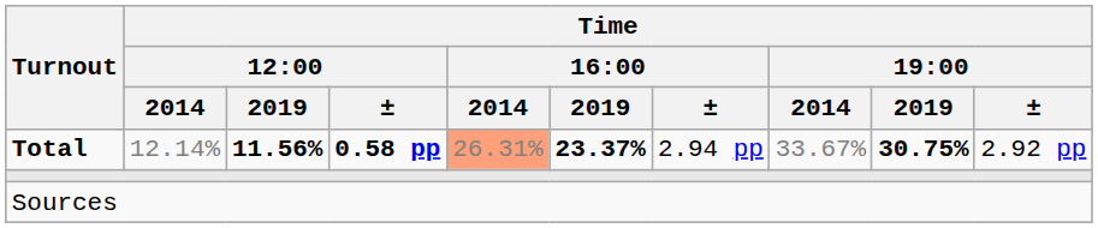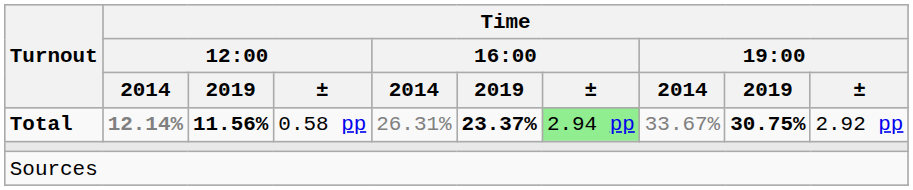 <table class="wikitable sortable" style="text-align:right;">
 <tr>
 <th rowspan="3">Turnout</th>
 <th colspan="9">Time</th>
 </tr>
 <tr>
 <th colspan="3">12:00</th>
 <th colspan="3">16:00</th>
 <th colspan="3">19:00</th>
 </tr>
 <tr>
 <th>2014</th>
 <th>2019</th>
 <th>±</th>
 <th>2014</th>
 <th>2019</th>
 <th>±</th>
 <th>2014</th>
 <th>2019</th>
 <th>±</th>
 </tr>
 <tr>
 <td align="left"><strong>Total</strong></td>
-<td style="color:gray;">12.14%</td>
+<td style="color:gray;"><strong>12.14%</strong></td>
 <td><strong>11.56%</strong></td>
-<td><strong> 0.58 <a href='#'>pp</a></strong></td>
-<td style="background: lightsalmon; color:gray;">26.31%</td>
+<td> 0.58 <a href='#'>pp</a></td>
+<td style="color:gray;">26.31%</td>
 <td><strong>23.37%</strong></td>
-<td> 2.94 <a href='#'>pp</a></td>
+<td style="background: lightgreen;"> 2.94 <a href='#'>pp</a></td>
 <td style="color:gray;">33.67%</td>
 <td><strong>30.75%</strong></td>
 <td> 2.92 <a href='#'>pp</a></td>
 </tr>
 <tr>
 <td colspan="10" bgcolor="#E9E9E9"></td>
 </tr>
 <tr>
 <td align="left" colspan="10">Sources</td>
 </tr>
 </table>
